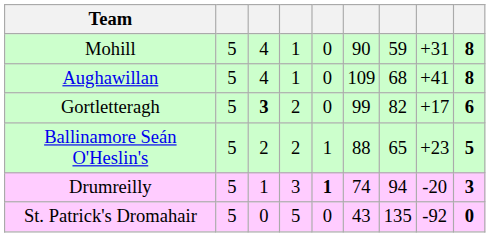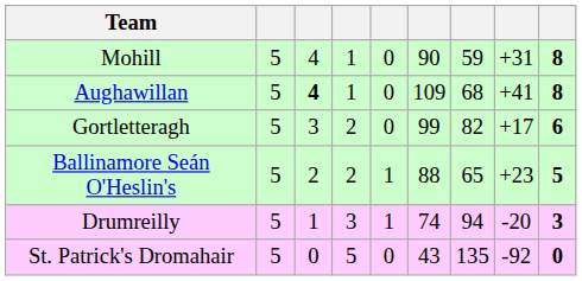 <table class="wikitable" style="text-align:center">
 <tr>
 <th style="width:175px;">Team</th>
 <th width="20"></th>
 <th width="20"></th>
 <th width="20"></th>
 <th width="20"></th>
 <th width="20"></th>
 <th width="20"></th>
 <th width="20"></th>
 <th width="20"></th>
 </tr>
 <tr style="background:#cfc;">
 <td>Mohill</td>
 <td>5</td>
 <td>4</td>
 <td>1</td>
 <td>0</td>
 <td>90</td>
 <td>59</td>
 <td>+31</td>
 <td><strong>8</strong></td>
 </tr>
 <tr style="background:#cfc;">
 <td><a href='#'>Aughawillan</a></td>
 <td>5</td>
-<td>4</td>
+<td><strong>4</strong></td>
 <td>1</td>
 <td>0</td>
 <td>109</td>
 <td>68</td>
 <td>+41</td>
 <td><strong>8</strong></td>
 </tr>
 <tr style="background:#cfc;">
 <td>Gortletteragh</td>
 <td>5</td>
-<td><strong>3</strong></td>
+<td>3</td>
 <td>2</td>
 <td>0</td>
 <td>99</td>
 <td>82</td>
 <td>+17</td>
 <td><strong>6</strong></td>
 </tr>
 <tr style="background:#cfc;">
 <td><a href='#'>Ballinamore Seán O'Heslin's</a></td>
 <td>5</td>
 <td>2</td>
 <td>2</td>
 <td>1</td>
 <td>88</td>
 <td>65</td>
 <td>+23</td>
 <td><strong>5</strong></td>
 </tr>
 <tr style="background:#fcf;">
 <td>Drumreilly</td>
 <td>5</td>
 <td>1</td>
 <td>3</td>
-<td><strong>1</strong></td>
+<td>1</td>
 <td>74</td>
 <td>94</td>
 <td>-20</td>
 <td><strong>3</strong></td>
 </tr>
 <tr style="background:#fcf;">
 <td>St. Patrick's Dromahair</td>
 <td>5</td>
 <td>0</td>
 <td>5</td>
 <td>0</td>
 <td>43</td>
 <td>135</td>
 <td>-92</td>
 <td><strong>0</strong></td>
 </tr>
 </table>
